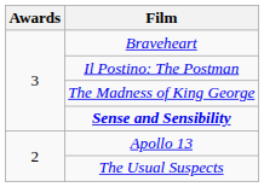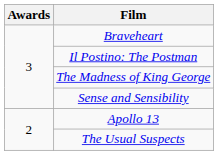 <table class="wikitable" style="text-align:center;">
 <tr>
 <th style="background:">Awards</th>
 <th style="background:">Film</th>
 </tr>
 <tr>
 <td rowspan="4">3</td>
 <td><em><a href='#'>Braveheart</a></em></td>
 </tr>
 <tr>
 <td><em><a href='#'>Il Postino: The Postman</a></em></td>
 </tr>
 <tr>
 <td><em><a href='#'>The Madness of King George</a></em></td>
 </tr>
 <tr>
-<td><strong><em><a href='#'>Sense and Sensibility</a></em></strong></td>
+<td><em><a href='#'>Sense and Sensibility</a></em></td>
 </tr>
 <tr>
 <td rowspan="2">2</td>
 <td><em><a href='#'>Apollo 13</a></em></td>
 </tr>
 <tr>
 <td><em><a href='#'>The Usual Suspects</a></em></td>
 </tr>
 </table>
